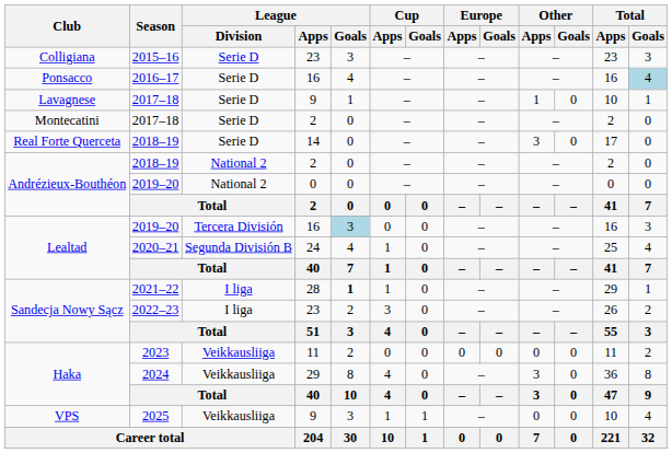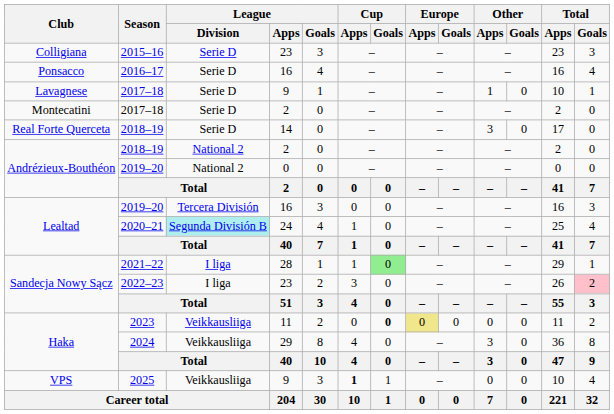 <table class="wikitable" style="text-align:center">
 <tr>
 <th rowspan="2">Club</th>
 <th rowspan="2">Season</th>
 <th colspan="3">League</th>
 <th colspan="2">Cup</th>
 <th colspan="2">Europe</th>
 <th colspan="2">Other</th>
 <th colspan="2">Total</th>
 </tr>
 <tr>
 <th>Division</th>
 <th>Apps</th>
 <th>Goals</th>
 <th>Apps</th>
 <th>Goals</th>
 <th>Apps</th>
 <th>Goals</th>
 <th>Apps</th>
 <th>Goals</th>
 <th>Apps</th>
 <th>Goals</th>
 </tr>
 <tr>
 <td><a href='#'>Colligiana</a></td>
 <td><a href='#'>2015–16</a></td>
 <td><a href='#'>Serie D</a></td>
 <td>23</td>
 <td>3</td>
 <td colspan="2">–</td>
 <td colspan="2">–</td>
 <td colspan="2">–</td>
 <td>23</td>
 <td>3</td>
 </tr>
 <tr>
 <td><a href='#'>Ponsacco</a></td>
 <td><a href='#'>2016–17</a></td>
 <td>Serie D</td>
 <td>16</td>
 <td>4</td>
 <td colspan="2">–</td>
 <td colspan="2">–</td>
 <td colspan="2">–</td>
 <td>16</td>
-<td style="background: lightblue;">4</td>
+<td>4</td>
 </tr>
 <tr>
 <td><a href='#'>Lavagnese</a></td>
 <td><a href='#'>2017–18</a></td>
 <td>Serie D</td>
 <td>9</td>
 <td>1</td>
 <td colspan="2">–</td>
 <td colspan="2">–</td>
 <td>1</td>
 <td>0</td>
 <td>10</td>
 <td>1</td>
 </tr>
 <tr>
 <td>Montecatini</td>
 <td>2017–18</td>
 <td>Serie D</td>
 <td>2</td>
 <td>0</td>
 <td colspan="2">–</td>
 <td colspan="2">–</td>
 <td colspan="2">–</td>
 <td>2</td>
 <td>0</td>
 </tr>
 <tr>
 <td><a href='#'>Real Forte Querceta</a></td>
 <td><a href='#'>2018–19</a></td>
 <td>Serie D</td>
 <td>14</td>
 <td>0</td>
 <td colspan="2">–</td>
 <td colspan="2">–</td>
 <td>3</td>
 <td>0</td>
 <td>17</td>
 <td>0</td>
 </tr>
 <tr>
 <td rowspan=3><a href='#'>Andrézieux-Bouthéon</a></td>
 <td><a href='#'>2018–19</a></td>
 <td><a href='#'>National 2</a></td>
 <td>2</td>
 <td>0</td>
 <td colspan="2">–</td>
 <td colspan="2">–</td>
 <td colspan="2">–</td>
 <td>2</td>
 <td>0</td>
 </tr>
 <tr>
 <td><a href='#'>2019–20</a></td>
 <td>National 2</td>
 <td>0</td>
 <td>0</td>
 <td colspan="2">–</td>
 <td colspan="2">–</td>
 <td colspan="2">–</td>
 <td>0</td>
 <td>0</td>
 </tr>
 <tr>
 <th colspan="2">Total</th>
 <th>2</th>
 <th>0</th>
 <th>0</th>
 <th>0</th>
 <th>–</th>
 <th>–</th>
 <th>–</th>
 <th>–</th>
 <th>41</th>
 <th>7</th>
 </tr>
 <tr>
 <td rowspan="3"><a href='#'>Lealtad</a></td>
 <td><a href='#'>2019–20</a></td>
 <td><a href='#'>Tercera División</a></td>
 <td>16</td>
-<td style="background: lightblue;">3</td>
+<td>3</td>
 <td>0</td>
 <td>0</td>
 <td colspan="2">–</td>
 <td colspan="2">–</td>
 <td>16</td>
 <td>3</td>
 </tr>
 <tr>
 <td><a href='#'>2020–21</a></td>
-<td><a href='#'>Segunda División B</a></td>
+<td style="background: paleturquoise;"><a href='#'>Segunda División B</a></td>
 <td>24</td>
 <td>4</td>
 <td>1</td>
 <td>0</td>
 <td colspan="2">–</td>
 <td colspan="2">–</td>
 <td>25</td>
 <td>4</td>
 </tr>
 <tr>
 <th colspan="2">Total</th>
 <th>40</th>
 <th>7</th>
 <th>1</th>
 <th>0</th>
 <th>–</th>
 <th>–</th>
 <th>–</th>
 <th>–</th>
 <th>41</th>
 <th>7</th>
 </tr>
 <tr>
 <td rowspan="3"><a href='#'>Sandecja Nowy Sącz</a></td>
 <td><a href='#'>2021–22</a></td>
 <td><a href='#'>I liga</a></td>
 <td>28</td>
-<td><strong>1</strong></td>
 <td>1</td>
-<td>0</td>
+<td>1</td>
+<td style="background: lightgreen;">0</td>
 <td colspan="2">–</td>
 <td colspan="2">–</td>
 <td>29</td>
 <td>1</td>
 </tr>
 <tr>
 <td><a href='#'>2022–23</a></td>
 <td>I liga</td>
 <td>23</td>
 <td>2</td>
 <td>3</td>
 <td>0</td>
 <td colspan="2">–</td>
 <td colspan="2">–</td>
 <td>26</td>
-<td>2</td>
+<td style="background: pink;">2</td>
 </tr>
 <tr>
 <th colspan="2">Total</th>
 <th>51</th>
 <th>3</th>
 <th>4</th>
 <th>0</th>
 <th>–</th>
 <th>–</th>
 <th>–</th>
 <th>–</th>
 <th>55</th>
 <th>3</th>
 </tr>
 <tr>
 <td rowspan="3"><a href='#'>Haka</a></td>
 <td><a href='#'>2023</a></td>
 <td><a href='#'>Veikkausliiga</a></td>
 <td>11</td>
 <td>2</td>
 <td>0</td>
-<td>0</td>
-<td>0</td>
+<td><strong>0</strong></td>
+<td style="background: khaki;">0</td>
 <td>0</td>
 <td>0</td>
 <td>0</td>
 <td>11</td>
 <td>2</td>
 </tr>
 <tr>
 <td><a href='#'>2024</a></td>
 <td>Veikkausliiga</td>
 <td>29</td>
 <td>8</td>
 <td>4</td>
 <td>0</td>
 <td colspan="2">–</td>
 <td>3</td>
 <td>0</td>
 <td>36</td>
 <td>8</td>
 </tr>
 <tr>
 <th colspan="2">Total</th>
 <th>40</th>
 <th>10</th>
 <th>4</th>
 <th>0</th>
 <th>–</th>
 <th>–</th>
 <th>3</th>
 <th>0</th>
 <th>47</th>
 <th>9</th>
 </tr>
 <tr>
 <td><a href='#'>VPS</a></td>
 <td><a href='#'>2025</a></td>
 <td>Veikkausliiga</td>
 <td>9</td>
 <td>3</td>
-<td>1</td>
+<td><strong>1</strong></td>
 <td>1</td>
 <td colspan=2>–</td>
 <td>0</td>
 <td>0</td>
 <td>10</td>
 <td>4</td>
 </tr>
 <tr>
 <th colspan="3">Career total</th>
 <th>204</th>
 <th>30</th>
 <th>10</th>
 <th>1</th>
 <th>0</th>
 <th>0</th>
 <th>7</th>
 <th>0</th>
 <th>221</th>
 <th>32</th>
 </tr>
 </table>
